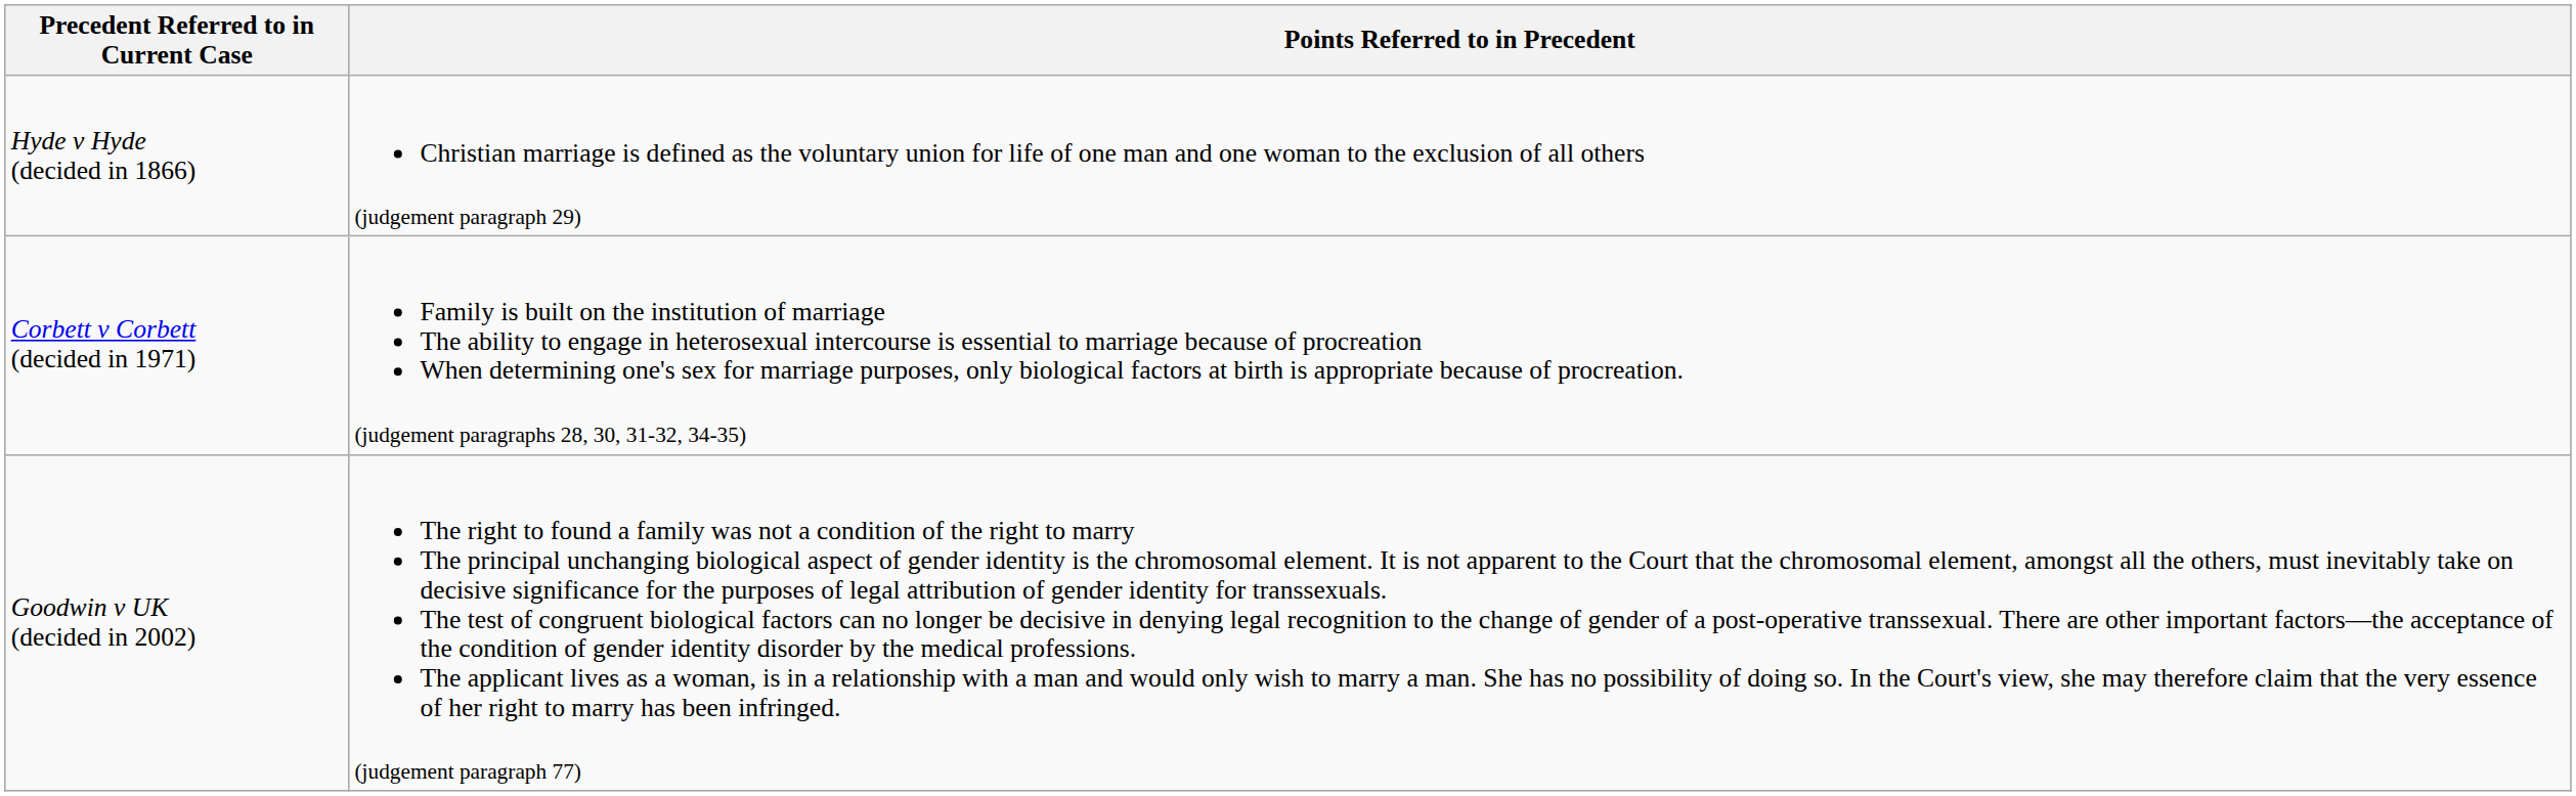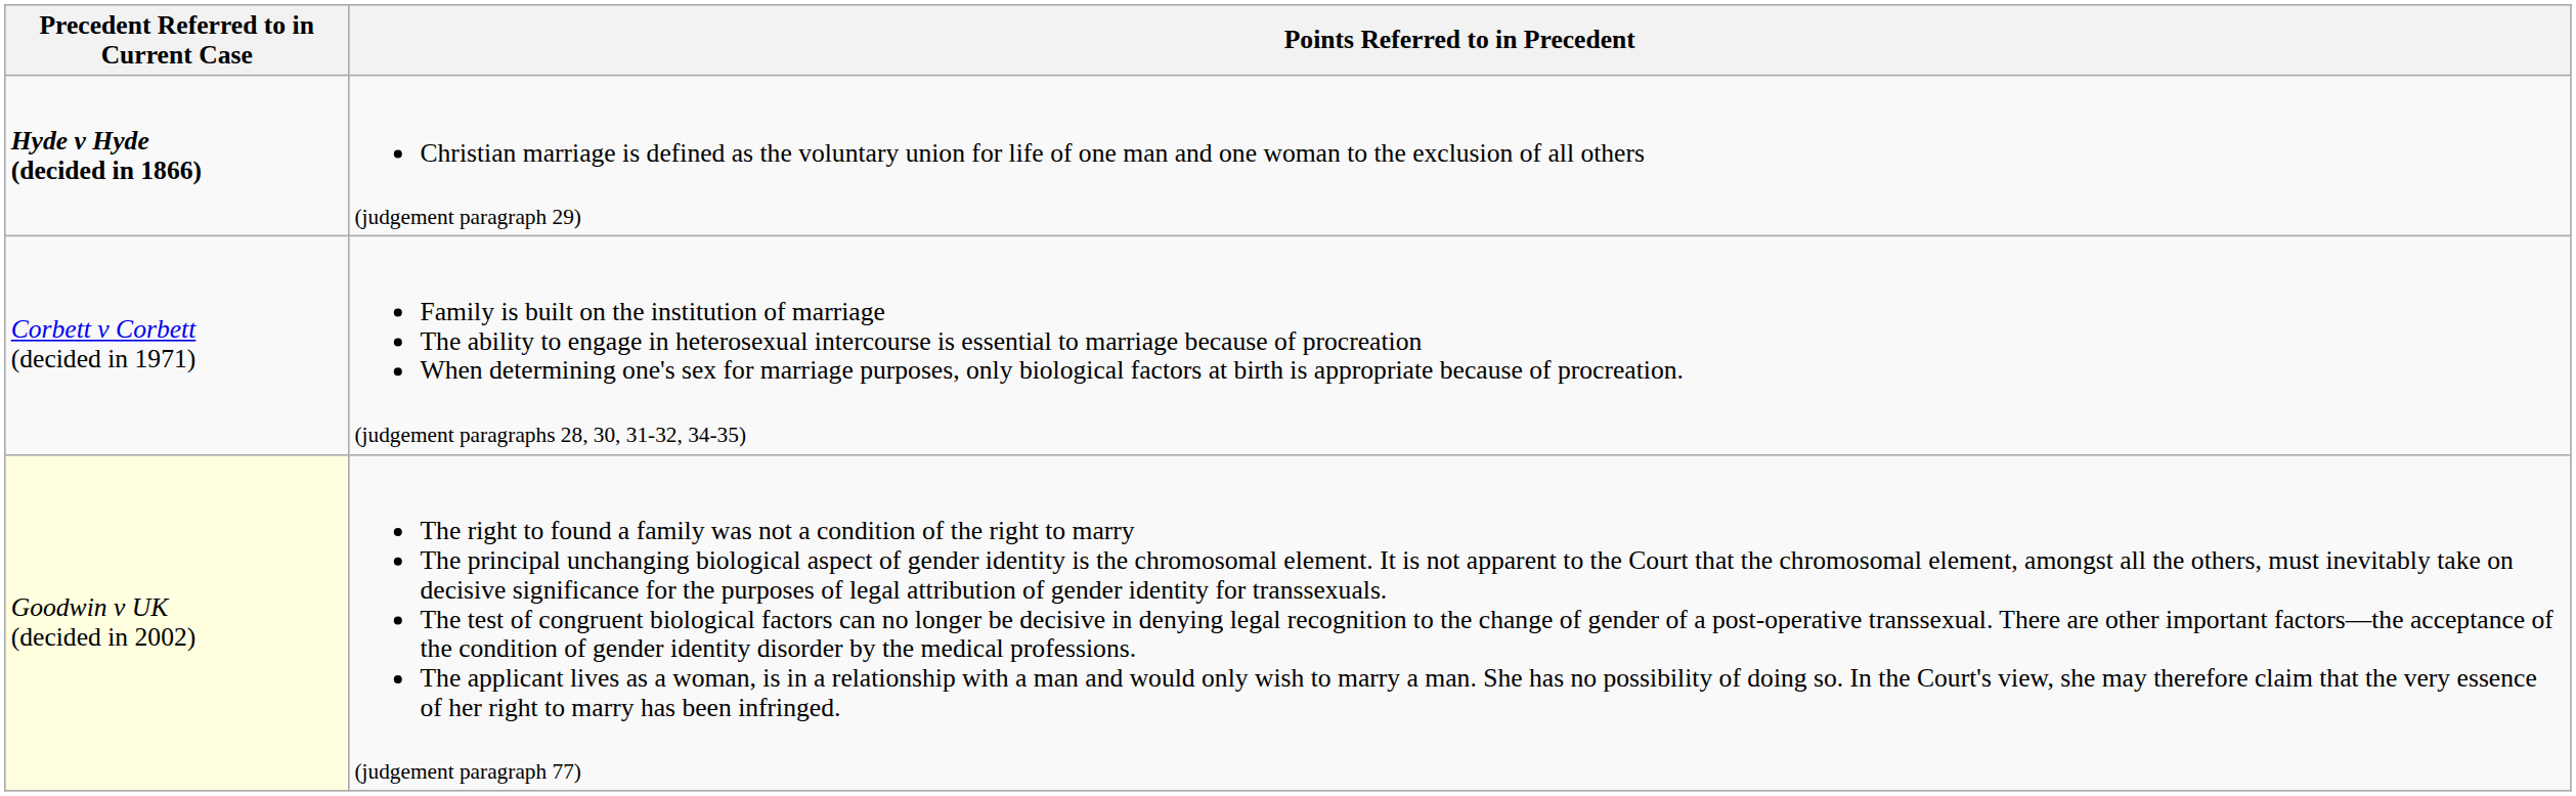 <table class="wikitable">
 <tr>
 <th>Precedent Referred to in Current Case</th>
 <th>Points Referred to in Precedent</th>
 </tr>
 <tr>
-<td><em>Hyde v Hyde</em><br>(decided in 1866)</td>
+<td><strong><em>Hyde v Hyde</em><br>(decided in 1866)</strong></td>
 <td><br><ul><li>Christian marriage is defined as the voluntary union for life of one man and one woman to the exclusion of all others</li></ul><sub>(judgement paragraph 29)</sub></td>
 </tr>
 <tr>
 <td><em><a href='#'>Corbett v Corbett</a></em><br>(decided in 1971)</td>
 <td><br><ul><li>Family is built on the institution of marriage</li><li>The ability to engage in heterosexual intercourse is essential to marriage because of procreation</li><li>When determining one's sex for marriage purposes, only biological factors at birth is appropriate because of procreation.</li></ul><sub>(judgement paragraphs 28, 30, 31-32, 34-35)</sub></td>
 </tr>
 <tr>
-<td><em>Goodwin v UK</em><br>(decided in 2002)</td>
+<td style="background: lightyellow;"><em>Goodwin v UK</em><br>(decided in 2002)</td>
 <td><br><ul><li>The right to found a family was not a condition of the right to marry</li><li>The principal unchanging biological aspect of gender identity is the chromosomal element. It is not apparent to the Court that the chromosomal element, amongst all the others, must inevitably take on decisive significance for the purposes of legal attribution of gender identity for transsexuals.</li><li>The test of congruent biological factors can no longer be decisive in denying legal recognition to the change of gender of a post-operative transsexual.  There are other important factors—the acceptance of the condition of gender identity disorder by the medical professions.</li><li>The applicant lives as a woman, is in a relationship with a man and would only wish to marry a man. She has no possibility of doing so. In the Court's view, she may therefore claim that the very essence of her right to marry has been infringed.</li></ul><sub>(judgement paragraph 77)</sub></td>
 </tr>
 </table>
